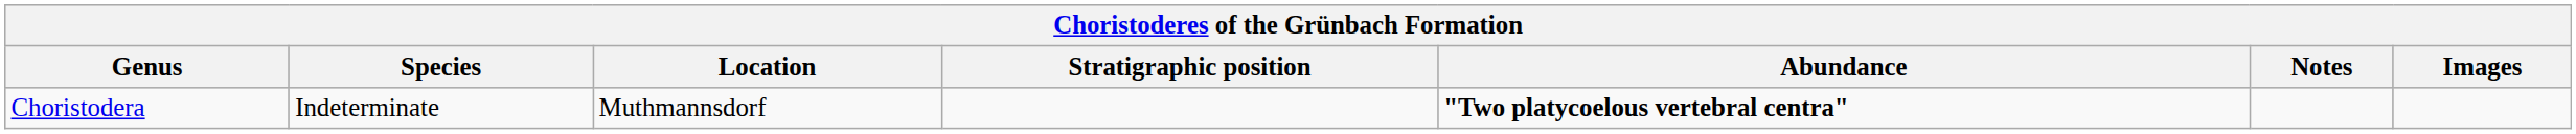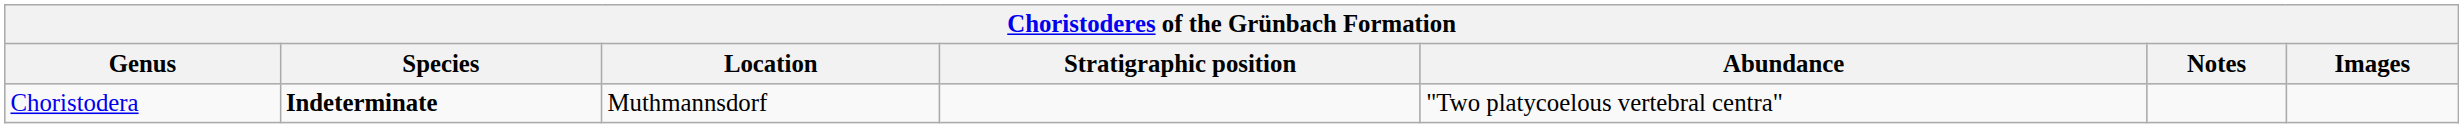 <table class="wikitable" align="center" width="100%">
 <tr>
 <th colspan="7" align="center"><a href='#'>Choristoderes</a> <strong>of the Grünbach Formation</strong></th>
 </tr>
 <tr>
 <th>Genus</th>
 <th>Species</th>
 <th>Location</th>
 <th>Stratigraphic position</th>
 <th>Abundance</th>
 <th>Notes</th>
 <th>Images</th>
 </tr>
 <tr>
 <td><a href='#'>Choristodera</a></td>
-<td>Indeterminate</td>
+<td><strong>Indeterminate</strong></td>
 <td>Muthmannsdorf</td>
 <td></td>
-<td><strong>"Two platycoelous vertebral centra"</strong></td>
+<td>"Two platycoelous vertebral centra"</td>
 <td></td>
 <td></td>
 </tr>
 </table>
